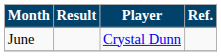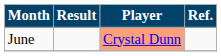 <table class=wikitable>
 <tr>
 <th style="background:#01426A; color:white;">Month</th>
 <th style="background:#01426A; color:white;">Result</th>
 <th style="background:#01426A; color:white;">Player</th>
 <th style="background:#01426A; color:white;">Ref.</th>
 </tr>
 <tr>
 <td>June</td>
 <td></td>
-<td> <a href='#'>Crystal Dunn</a></td>
+<td style="background: lightsalmon;"> <a href='#'>Crystal Dunn</a></td>
 <td></td>
 </tr>
 <tr>
 </tr>
 </table>
